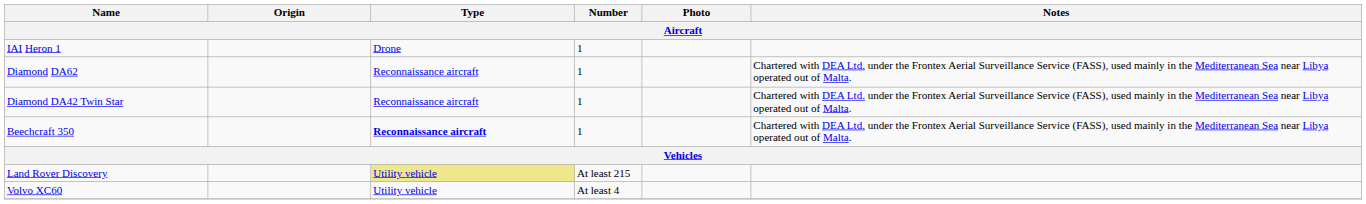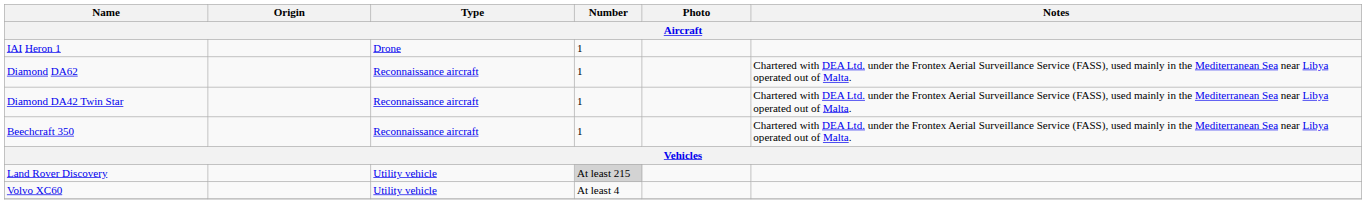 <table class="wikitable">
 <tr>
 <th scope="col" style="width: 15%;">Name</th>
 <th scope="col" style="width: 12%;">Origin</th>
 <th scope="col" style="width: 15%;">Type</th>
 <th scope="col" style="width: 5%;">Number</th>
 <th scope="col" style="width: 8%;">Photo</th>
 <th scope="col" style="width: 45%;">Notes</th>
 </tr>
 <tr>
 <th style="align: center;" colspan="7"><a href='#'>Aircraft</a></th>
 </tr>
 <tr>
 <td><a href='#'>IAI</a> <a href='#'>Heron 1</a></td>
 <td></td>
 <td><a href='#'>Drone</a></td>
 <td>1</td>
 <td></td>
 <td></td>
 </tr>
 <tr>
 <td><a href='#'>Diamond</a> <a href='#'>DA62</a></td>
 <td></td>
 <td><a href='#'>Reconnaissance aircraft</a></td>
 <td>1</td>
 <td></td>
 <td>Chartered with <a href='#'>DEA Ltd.</a> under the Frontex Aerial Surveillance Service (FASS), used mainly in the <a href='#'>Mediterranean Sea</a> near <a href='#'>Libya</a> operated out of <a href='#'>Malta</a>.</td>
 </tr>
 <tr>
 <td><a href='#'>Diamond DA42 Twin Star</a></td>
 <td></td>
 <td><a href='#'>Reconnaissance aircraft</a></td>
 <td>1</td>
 <td></td>
 <td>Chartered with <a href='#'>DEA Ltd.</a> under the Frontex Aerial Surveillance Service (FASS), used mainly in the <a href='#'>Mediterranean Sea</a> near <a href='#'>Libya</a> operated out of <a href='#'>Malta</a>.</td>
 </tr>
 <tr>
 <td><a href='#'>Beechcraft 350</a></td>
 <td></td>
-<td><strong><a href='#'>Reconnaissance aircraft</a></strong></td>
+<td><a href='#'>Reconnaissance aircraft</a></td>
 <td>1</td>
 <td></td>
 <td>Chartered with <a href='#'>DEA Ltd.</a> under the Frontex Aerial Surveillance Service (FASS), used mainly in the <a href='#'>Mediterranean Sea</a> near <a href='#'>Libya</a> operated out of <a href='#'>Malta</a>.</td>
 </tr>
 <tr>
 <th style="align: center;" colspan="7"><a href='#'>Vehicles</a></th>
 </tr>
 <tr>
 <td><a href='#'>Land Rover Discovery</a></td>
 <td></td>
-<td style="background: khaki;"><a href='#'>Utility vehicle</a></td>
-<td>At least 215</td>
+<td><a href='#'>Utility vehicle</a></td>
+<td style="background: lightgrey;">At least 215</td>
 <td></td>
 <td></td>
 </tr>
 <tr>
 <td><a href='#'>Volvo XC60</a></td>
 <td></td>
 <td><a href='#'>Utility vehicle</a></td>
 <td>At least 4</td>
 <td></td>
 <td></td>
 </tr>
 <tr>
 </tr>
 </table>
